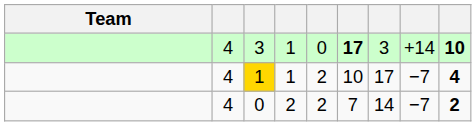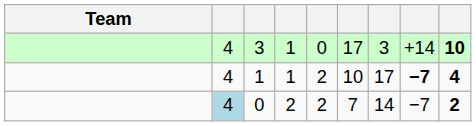 <table class="wikitable" style="text-align:center">
 <tr>
 <th width="175">Team</th>
 <th width="20"></th>
 <th width="20"></th>
 <th width="20"></th>
 <th width="20"></th>
 <th width="20"></th>
 <th width="20"></th>
 <th width="20"></th>
 <th width="20"></th>
 </tr>
 <tr bgcolor=ccffcc>
 <td align=left></td>
 <td>4</td>
 <td>3</td>
 <td>1</td>
 <td>0</td>
-<td><strong>17</strong></td>
+<td>17</td>
 <td>3</td>
 <td>+14</td>
 <td><strong>10</strong></td>
 </tr>
 <tr>
 <td align=left></td>
 <td>4</td>
-<td style="background: gold;">1</td>
+<td>1</td>
 <td>1</td>
 <td>2</td>
 <td>10</td>
 <td>17</td>
-<td>−7</td>
+<td><strong>−7</strong></td>
 <td><strong>4</strong></td>
 </tr>
 <tr>
 <td align=left><strong></strong></td>
-<td>4</td>
+<td style="background: lightblue;">4</td>
 <td>0</td>
 <td>2</td>
 <td>2</td>
 <td>7</td>
 <td>14</td>
 <td>−7</td>
 <td><strong>2</strong></td>
 </tr>
 </table>
